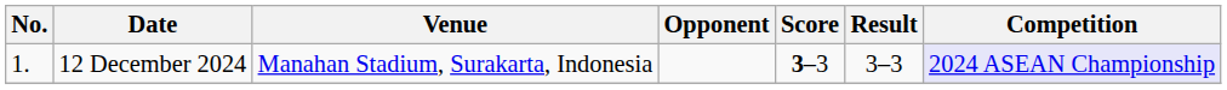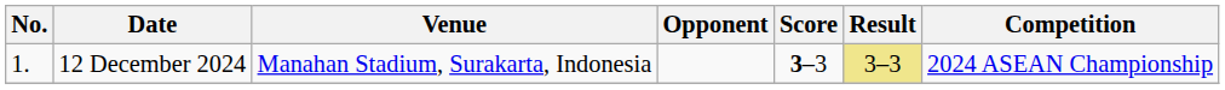 <table class="wikitable">
 <tr>
 <th>No.</th>
 <th>Date</th>
 <th>Venue</th>
 <th>Opponent</th>
 <th>Score</th>
 <th>Result</th>
 <th>Competition</th>
 </tr>
 <tr>
 <td>1.</td>
 <td>12 December 2024</td>
 <td><a href='#'>Manahan Stadium</a>, <a href='#'>Surakarta</a>, Indonesia</td>
 <td></td>
 <td align=center><strong>3</strong>–3</td>
-<td align=center>3–3</td>
-<td style="background: lavender;"><a href='#'>2024 ASEAN Championship</a></td>
+<td align=center style="background: khaki;">3–3</td>
+<td><a href='#'>2024 ASEAN Championship</a></td>
 </tr>
 <tr>
 </tr>
 </table>
